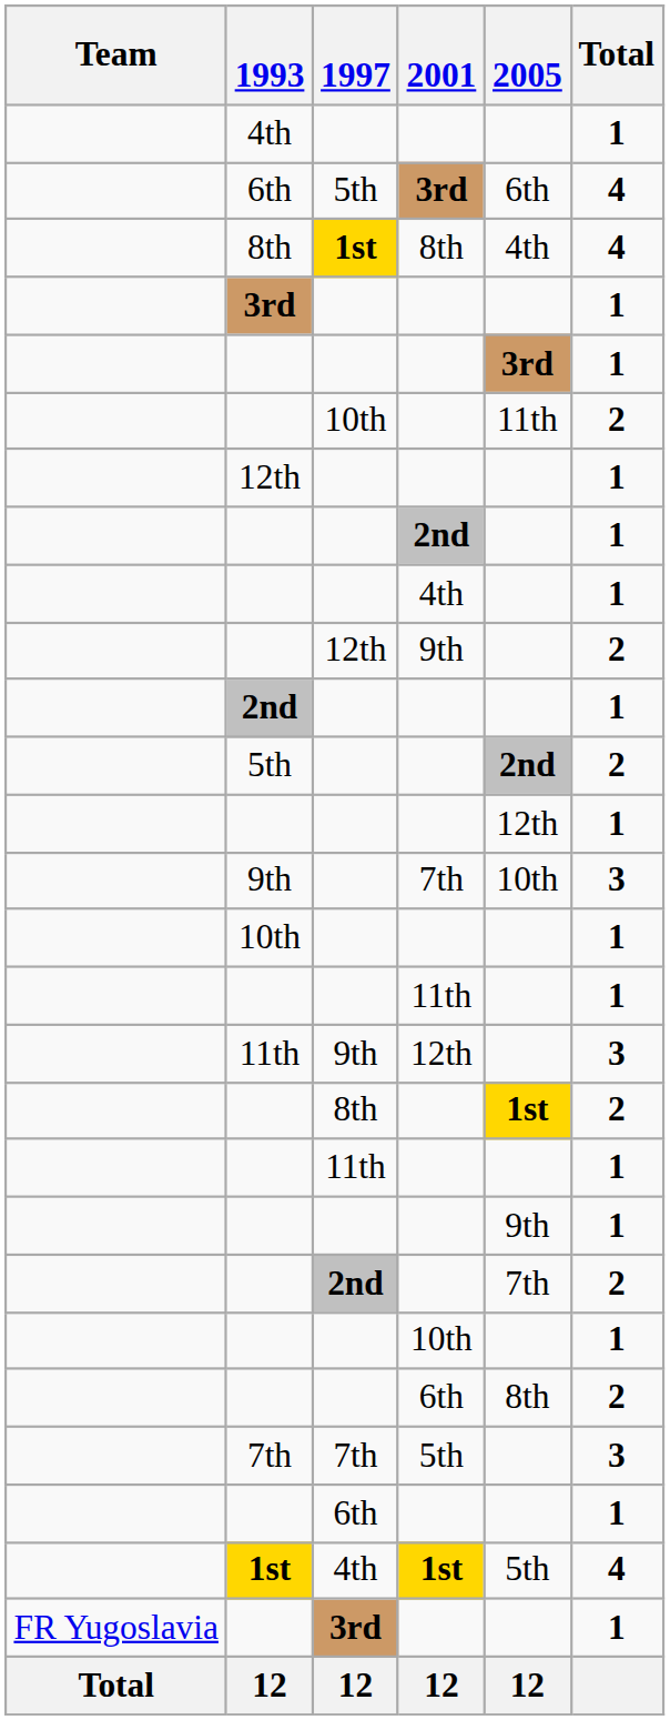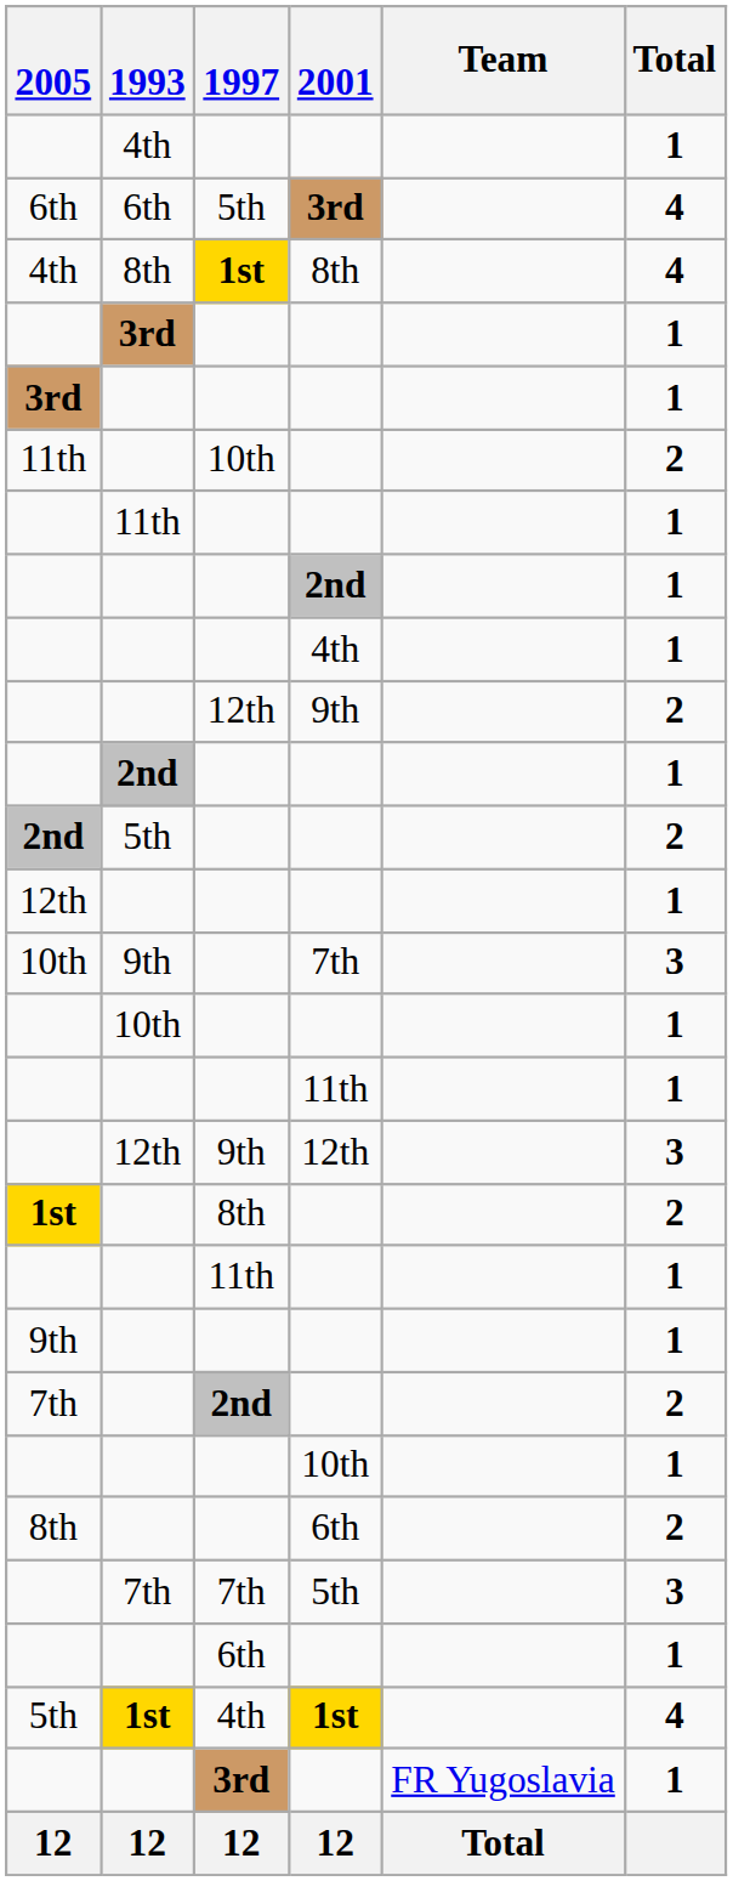 <table class="wikitable" style="text-align:center; font-size:90%">
 <tr bgcolor=>
-<th>Team</th>
+<th><br><a href='#'>2005</a></th>
 <th><br><a href='#'>1993</a></th>
 <th><br><a href='#'>1997</a></th>
 <th><br><a href='#'>2001</a></th>
-<th><br><a href='#'>2005</a></th>
+<th>Team</th>
 <th>Total</th>
 </tr>
 <tr>
-<td align=left></td>
+<td></td>
 <td>4th</td>
 <td></td>
 <td></td>
-<td></td>
+<td align=left></td>
 <td><strong>1</strong></td>
 </tr>
 <tr>
-<td align=left></td>
+<td>6th</td>
 <td>6th</td>
 <td>5th</td>
 <td bgcolor=cc9966><strong>3rd</strong></td>
-<td>6th</td>
+<td align=left></td>
 <td><strong>4</strong></td>
 </tr>
 <tr>
-<td align=left></td>
+<td>4th</td>
 <td>8th</td>
 <td bgcolor=gold><strong>1st</strong></td>
 <td>8th</td>
-<td>4th</td>
+<td align=left></td>
 <td><strong>4</strong></td>
 </tr>
 <tr>
+<td></td>
+<td bgcolor=cc9966><strong>3rd</strong></td>
+<td></td>
+<td></td>
 <td align=left></td>
+<td><strong>1</strong></td>
+</tr>
+<tr>
 <td bgcolor=cc9966><strong>3rd</strong></td>
 <td></td>
 <td></td>
 <td></td>
+<td align=left></td>
 <td><strong>1</strong></td>
 </tr>
 <tr>
+<td>11th</td>
+<td></td>
+<td>10th</td>
+<td></td>
 <td align=left></td>
+<td><strong>2</strong></td>
+</tr>
+<tr>
+<td></td>
+<td>11th</td>
+<td></td>
+<td></td>
+<td align=left></td>
+<td><strong>1</strong></td>
+</tr>
+<tr>
 <td></td>
 <td></td>
 <td></td>
-<td bgcolor=cc9966><strong>3rd</strong></td>
+<td bgcolor=silver><strong>2nd</strong></td>
+<td align=left></td>
 <td><strong>1</strong></td>
 </tr>
 <tr>
+<td></td>
+<td></td>
+<td></td>
+<td>4th</td>
 <td align=left></td>
+<td><strong>1</strong></td>
+</tr>
+<tr>
 <td></td>
-<td>10th</td>
 <td></td>
-<td>11th</td>
+<td>12th</td>
+<td>9th</td>
+<td align=left></td>
 <td><strong>2</strong></td>
 </tr>
 <tr>
+<td></td>
+<td bgcolor=silver><strong>2nd</strong></td>
+<td></td>
+<td></td>
 <td align=left></td>
+<td><strong>1</strong></td>
+</tr>
+<tr>
+<td bgcolor=silver><strong>2nd</strong></td>
+<td>5th</td>
+<td></td>
+<td></td>
+<td align=left></td>
+<td><strong>2</strong></td>
+</tr>
+<tr>
 <td>12th</td>
 <td></td>
 <td></td>
 <td></td>
+<td align=left></td>
 <td><strong>1</strong></td>
 </tr>
 <tr>
+<td>10th</td>
+<td>9th</td>
+<td></td>
+<td>7th</td>
 <td align=left></td>
+<td><strong>3</strong></td>
+</tr>
+<tr>
+<td></td>
+<td>10th</td>
 <td></td>
 <td></td>
-<td bgcolor=silver><strong>2nd</strong></td>
-<td></td>
+<td align=left></td>
 <td><strong>1</strong></td>
 </tr>
 <tr>
-<td align=left></td>
 <td></td>
 <td></td>
-<td>4th</td>
 <td></td>
+<td>11th</td>
+<td align=left></td>
 <td><strong>1</strong></td>
 </tr>
 <tr>
-<td align=left></td>
 <td></td>
 <td>12th</td>
 <td>9th</td>
+<td>12th</td>
+<td align=left></td>
+<td><strong>3</strong></td>
+</tr>
+<tr>
+<td bgcolor=gold><strong>1st</strong></td>
 <td></td>
+<td>8th</td>
+<td></td>
+<td align=left></td>
 <td><strong>2</strong></td>
 </tr>
 <tr>
-<td align=left></td>
-<td bgcolor=silver><strong>2nd</strong></td>
-<td></td>
-<td></td>
-<td></td>
-<td><strong>1</strong></td>
-</tr>
-<tr>
-<td align=left></td>
-<td>5th</td>
-<td></td>
-<td></td>
-<td bgcolor=silver><strong>2nd</strong></td>
-<td><strong>2</strong></td>
-</tr>
-<tr>
-<td align=left></td>
-<td></td>
-<td></td>
-<td></td>
-<td>12th</td>
-<td><strong>1</strong></td>
-</tr>
-<tr>
-<td align=left></td>
-<td>9th</td>
-<td></td>
-<td>7th</td>
-<td>10th</td>
-<td><strong>3</strong></td>
-</tr>
-<tr>
-<td align=left></td>
-<td>10th</td>
-<td></td>
-<td></td>
-<td></td>
-<td><strong>1</strong></td>
-</tr>
-<tr>
-<td align=left></td>
 <td></td>
 <td></td>
 <td>11th</td>
 <td></td>
+<td align=left></td>
 <td><strong>1</strong></td>
 </tr>
 <tr>
+<td>9th</td>
+<td></td>
+<td></td>
+<td></td>
 <td align=left></td>
-<td>11th</td>
-<td>9th</td>
-<td>12th</td>
+<td><strong>1</strong></td>
+</tr>
+<tr>
+<td>7th</td>
 <td></td>
+<td bgcolor=silver><strong>2nd</strong></td>
+<td></td>
+<td align=left></td>
+<td><strong>2</strong></td>
+</tr>
+<tr>
+<td></td>
+<td></td>
+<td></td>
+<td>10th</td>
+<td align=left></td>
+<td><strong>1</strong></td>
+</tr>
+<tr>
+<td>8th</td>
+<td></td>
+<td></td>
+<td>6th</td>
+<td align=left></td>
+<td><strong>2</strong></td>
+</tr>
+<tr>
+<td></td>
+<td>7th</td>
+<td>7th</td>
+<td>5th</td>
+<td align=left></td>
 <td><strong>3</strong></td>
 </tr>
 <tr>
-<td align=left></td>
-<td></td>
-<td>8th</td>
-<td></td>
-<td bgcolor=gold><strong>1st</strong></td>
-<td><strong>2</strong></td>
-</tr>
-<tr>
-<td align=left></td>
-<td></td>
-<td>11th</td>
 <td></td>
 <td></td>
+<td>6th</td>
+<td></td>
+<td align=left></td>
 <td><strong>1</strong></td>
 </tr>
 <tr>
+<td>5th</td>
+<td bgcolor=gold><strong>1st</strong></td>
+<td>4th</td>
+<td bgcolor=gold><strong>1st</strong></td>
 <td align=left></td>
+<td><strong>4</strong></td>
+</tr>
+<tr>
 <td></td>
 <td></td>
+<td bgcolor=cc9966><strong>3rd</strong></td>
 <td></td>
-<td>9th</td>
+<td align=left> <a href='#'>FR Yugoslavia</a></td>
 <td><strong>1</strong></td>
 </tr>
 <tr>
-<td align=left></td>
-<td></td>
-<td bgcolor=silver><strong>2nd</strong></td>
-<td></td>
-<td>7th</td>
-<td><strong>2</strong></td>
-</tr>
-<tr>
-<td align=left></td>
-<td></td>
-<td></td>
-<td>10th</td>
-<td></td>
-<td><strong>1</strong></td>
-</tr>
-<tr>
-<td align=left></td>
-<td></td>
-<td></td>
-<td>6th</td>
-<td>8th</td>
-<td><strong>2</strong></td>
-</tr>
-<tr>
-<td align=left></td>
-<td>7th</td>
-<td>7th</td>
-<td>5th</td>
-<td></td>
-<td><strong>3</strong></td>
-</tr>
-<tr>
-<td align=left></td>
-<td></td>
-<td>6th</td>
-<td></td>
-<td></td>
-<td><strong>1</strong></td>
-</tr>
-<tr>
-<td align=left></td>
-<td bgcolor=gold><strong>1st</strong></td>
-<td>4th</td>
-<td bgcolor=gold><strong>1st</strong></td>
-<td>5th</td>
-<td><strong>4</strong></td>
-</tr>
-<tr>
-<td align=left> <a href='#'>FR Yugoslavia</a></td>
-<td></td>
-<td bgcolor=cc9966><strong>3rd</strong></td>
-<td></td>
-<td></td>
-<td><strong>1</strong></td>
-</tr>
-<tr>
-<th>Total</th>
 <th>12</th>
 <th>12</th>
 <th>12</th>
 <th>12</th>
+<th>Total</th>
 <th></th>
 </tr>
 </table>
